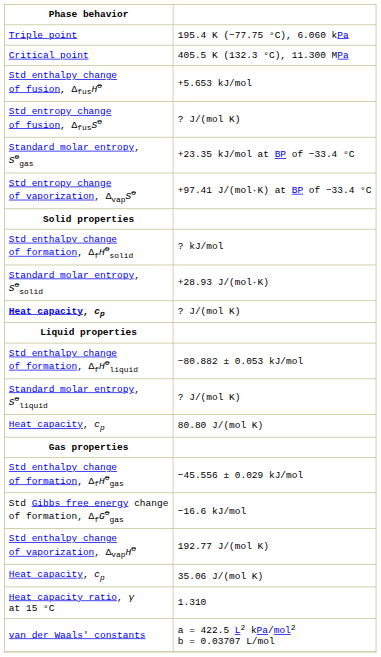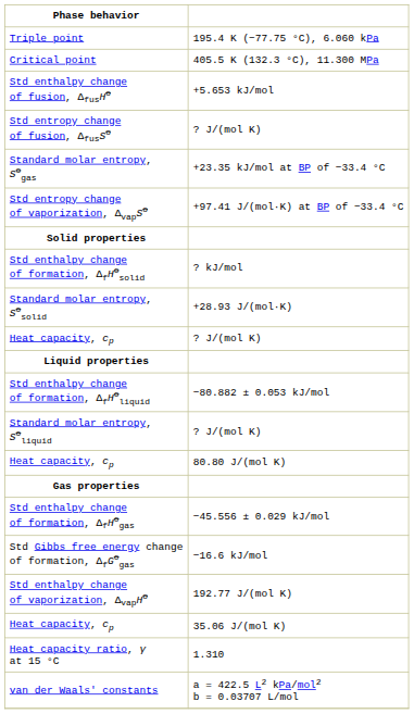 <table border="1" cellspacing="0" cellpadding="6" style="margin: 0 0 0 0.5em; background: #FFFFFF; border-collapse: collapse; border-color: #C0C090;">
 <tr>
 <th>Phase behavior</th>
 </tr>
 <tr>
 <td><a href='#'>Triple point</a></td>
 <td>195.4 K (−77.75 °C), 6.060 k<a href='#'>Pa</a></td>
 </tr>
 <tr>
 <td><a href='#'>Critical point</a></td>
 <td>405.5 K (132.3 °C), 11.300 M<a href='#'>Pa</a></td>
 </tr>
 <tr>
 <td><a href='#'>Std enthalpy change<br>of fusion</a>, Δ<sub>fus</sub><em>H</em><sup><s>o</s></sup></td>
 <td>+5.653 kJ/mol</td>
 </tr>
 <tr>
 <td><a href='#'>Std entropy change<br>of fusion</a>, Δ<sub>fus</sub><em>S</em><sup><s>o</s></sup></td>
 <td>? J/(mol K)</td>
 </tr>
 <tr>
 <td><a href='#'>Standard molar entropy</a>,<br><em>S</em><sup><s>o</s></sup><sub>gas</sub></td>
 <td>+23.35 kJ/mol at <a href='#'>BP</a> of −33.4 °C</td>
 </tr>
 <tr>
 <td><a href='#'>Std entropy change<br>of vaporization</a>, Δ<sub>vap</sub><em>S</em><sup><s>o</s></sup></td>
 <td>+97.41 J/(mol·K) at <a href='#'>BP</a> of −33.4 °C</td>
 </tr>
 <tr>
 <th>Solid properties</th>
 </tr>
 <tr>
 <td><a href='#'>Std enthalpy change<br>of formation</a>, Δ<sub>f</sub><em>H</em><sup><s>o</s></sup><sub>solid</sub></td>
 <td>? kJ/mol</td>
 </tr>
 <tr>
 <td><a href='#'>Standard molar entropy</a>,<br><em>S</em><sup><s>o</s></sup><sub>solid</sub></td>
 <td>+28.93 J/(mol·K)</td>
 </tr>
 <tr>
-<td><strong><a href='#'>Heat capacity</a>, <em>c<sub>p</sub></em></strong></td>
+<td><a href='#'>Heat capacity</a>, <em>c<sub>p</sub></em></td>
 <td>? J/(mol K)</td>
 </tr>
 <tr>
 <th>Liquid properties</th>
 </tr>
 <tr>
 <td><a href='#'>Std enthalpy change<br>of formation</a>, Δ<sub>f</sub><em>H</em><sup><s>o</s></sup><sub>liquid</sub></td>
 <td>−80.882 ± 0.053 kJ/mol</td>
 </tr>
 <tr>
 <td><a href='#'>Standard molar entropy</a>,<br><em>S</em><sup><s>o</s></sup><sub>liquid</sub></td>
 <td>? J/(mol K)</td>
 </tr>
 <tr>
 <td><a href='#'>Heat capacity</a>, <em>c<sub>p</sub></em></td>
 <td>80.80 J/(mol K)</td>
 </tr>
 <tr>
 <th>Gas properties</th>
 </tr>
 <tr>
 <td><a href='#'>Std enthalpy change<br>of formation</a>, Δ<sub>f</sub><em>H</em><sup><s>o</s></sup><sub>gas</sub></td>
 <td>−45.556	± 0.029 kJ/mol</td>
 </tr>
 <tr>
 <td>Std <a href='#'>Gibbs free energy</a> change<br>of formation, Δ<sub>f</sub><em>G</em><sup><s>o</s></sup><sub>gas</sub></td>
 <td>−16.6 kJ/mol</td>
 </tr>
 <tr>
 <td><a href='#'>Std enthalpy change<br>of vaporization</a>, Δ<sub>vap</sub><em>H</em><sup><s>o</s></sup></td>
 <td>192.77 J/(mol K)</td>
 </tr>
 <tr>
 <td><a href='#'>Heat capacity</a>, <em>c<sub>p</sub></em></td>
 <td>35.06 J/(mol K)</td>
 </tr>
 <tr>
 <td><a href='#'>Heat capacity ratio</a>, <em>γ</em><br>at 15 °C</td>
 <td>1.310</td>
 </tr>
 <tr>
 <td><a href='#'>van der Waals' constants</a></td>
 <td>a = 422.5 <a href='#'>L</a><sup>2</sup> k<a href='#'>Pa</a>/<a href='#'>mol</a><sup>2</sup><br> b = 0.03707 L/mol</td>
 </tr>
 <tr>
 </tr>
 </table>
